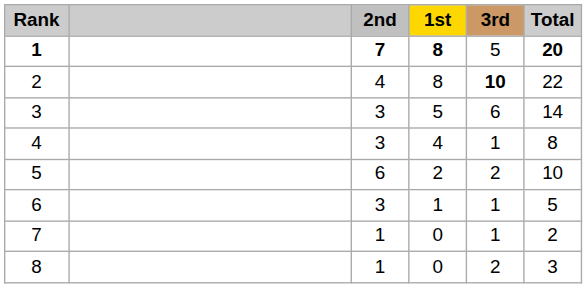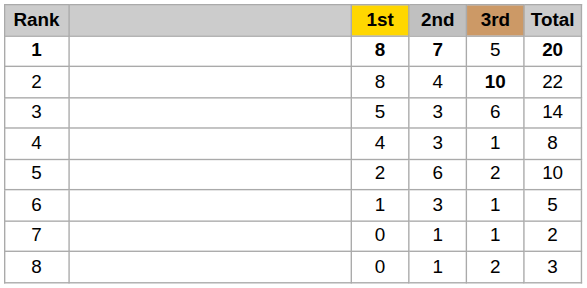 <table class="wikitable plainrowheaders" style="background:#fff; font-size:86%; line-height:16px; border:grey solid 1px; border-collapse:collapse;">
 <tr style="background:#ccc; text-align:center;">
 <th style="background:#ccc;" width="40">Rank</th>
 <th style="background:#ccc;" width="200"></th>
+<th style="background:gold; width:10%">1st</th>
 <th style="background:silver; width:10%">2nd</th>
-<th style="background:gold; width:10%">1st</th>
 <th style="background:#cc9966; width:10%">3rd</th>
 <th style="background:#ccc;" width="35">Total</th>
 </tr>
 <tr style="text-align:center">
 <td><strong>1</strong></td>
 <td style="text-align:left"></td>
+<td><strong>8</strong></td>
 <td><strong>7</strong></td>
-<td><strong>8</strong></td>
 <td>5</td>
 <td><strong>20</strong></td>
 </tr>
 <tr style="text-align:center">
 <td>2</td>
 <td style="text-align:left"></td>
+<td>8</td>
 <td>4</td>
-<td>8</td>
 <td><strong>10</strong></td>
 <td>22</td>
 </tr>
 <tr style="text-align:center">
 <td>3</td>
 <td style="text-align:left"></td>
+<td>5</td>
 <td>3</td>
-<td>5</td>
 <td>6</td>
 <td>14</td>
 </tr>
 <tr style="text-align:center">
 <td>4</td>
 <td style="text-align:left"></td>
+<td>4</td>
 <td>3</td>
-<td>4</td>
 <td>1</td>
 <td>8</td>
 </tr>
 <tr style="text-align:center">
 <td>5</td>
 <td style="text-align:left"></td>
+<td>2</td>
 <td>6</td>
-<td>2</td>
 <td>2</td>
 <td>10</td>
 </tr>
 <tr style="text-align:center">
 <td>6</td>
 <td style="text-align:left"></td>
+<td>1</td>
 <td>3</td>
-<td>1</td>
 <td>1</td>
 <td>5</td>
 </tr>
 <tr style="text-align:center">
 <td>7</td>
 <td style="text-align:left"></td>
+<td>0</td>
 <td>1</td>
-<td>0</td>
 <td>1</td>
 <td>2</td>
 </tr>
 <tr style="text-align:center">
 <td>8</td>
 <td style="text-align:left"></td>
+<td>0</td>
 <td>1</td>
-<td>0</td>
 <td>2</td>
 <td>3</td>
 </tr>
 </table>
